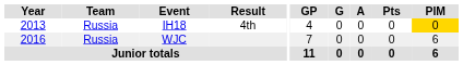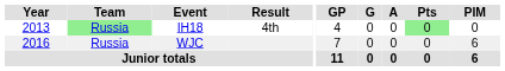 <table border="0" cellpadding="1" cellspacing="0" ID="Table3" style="text-align:center; width:40em">
 <tr ALIGN="center" bgcolor="#e0e0e0">
 <th>Year</th>
 <th>Team</th>
 <th>Event</th>
 <th>Result</th>
 <th rowspan="99" bgcolor="#ffffff"></th>
 <th>GP</th>
 <th>G</th>
 <th>A</th>
 <th>Pts</th>
 <th>PIM</th>
 </tr>
 <tr>
 <td><a href='#'>2013</a></td>
-<td><a href='#'>Russia</a></td>
+<td style="background: lightgreen;"><a href='#'>Russia</a></td>
 <td><a href='#'>IH18</a></td>
 <td>4th</td>
 <td>4</td>
 <td>0</td>
 <td>0</td>
+<td style="background: lightgreen;">0</td>
 <td>0</td>
-<td style="background: gold;">0</td>
 </tr>
 <tr bgcolor="#f0f0f0">
 <td><a href='#'>2016</a></td>
 <td><a href='#'>Russia</a></td>
 <td><a href='#'>WJC</a></td>
 <td></td>
 <td>7</td>
 <td>0</td>
 <td>0</td>
 <td>0</td>
 <td>6</td>
 </tr>
 <tr ALIGN="center" bgcolor="#e0e0e0">
 <th colspan=4>Junior totals</th>
 <th>11</th>
 <th>0</th>
 <th>0</th>
 <th>0</th>
 <th>6</th>
 </tr>
 </table>
